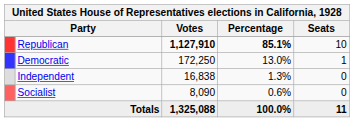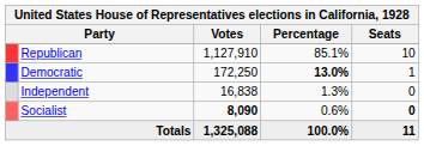 <table class="wikitable" style="font-size: 95%;">
 <tr>
 <th colspan="6">United States House of Representatives elections in California, 1928</th>
 </tr>
 <tr>
 <th colspan=2 style="width: 15em">Party</th>
 <th style="width: 5em">Votes</th>
 <th style="width: 7em">Percentage</th>
 <th style="width: 5em">Seats</th>
 </tr>
 <tr>
 </tr>
 <tr>
 <th style="background-color:#FF3333; width: 3px"></th>
 <td style="width: 130px"><a href='#'>Republican</a></td>
-<td align="right"><strong>1,127,910</strong></td>
-<td align="right"><strong>85.1%</strong></td>
+<td align="right">1,127,910</td>
+<td align="right">85.1%</td>
 <td align="right">10</td>
 </tr>
 <tr>
 <th style="background-color:#3333FF; width: 3px"></th>
 <td style="width: 130px"><a href='#'>Democratic</a></td>
 <td align="right">172,250</td>
-<td align="right">13.0%</td>
+<td align="right"><strong>13.0%</strong></td>
 <td align="right">1</td>
 </tr>
 <tr>
 <th style="background-color:#DDDDDD; width: 3px"></th>
 <td style="width: 130px"><a href='#'>Independent</a></td>
 <td align="right">16,838</td>
 <td align="right">1.3%</td>
 <td align="right">0</td>
 </tr>
 <tr>
 <th style="background-color:#FF6060; width: 3px"></th>
 <td style="width: 130px"><a href='#'>Socialist</a></td>
-<td align="right">8,090</td>
+<td align="right"><strong>8,090</strong></td>
 <td align="right">0.6%</td>
-<td align="right">0</td>
+<td align="right"><strong>0</strong></td>
 </tr>
 <tr bgcolor="#EEEEEE">
 <td colspan="2" align="right"><strong>Totals</strong></td>
 <td align="right"><strong>1,325,088</strong></td>
 <td align="right"><strong>100.0%</strong></td>
 <td align="right"><strong>11</strong></td>
 </tr>
 </table>
